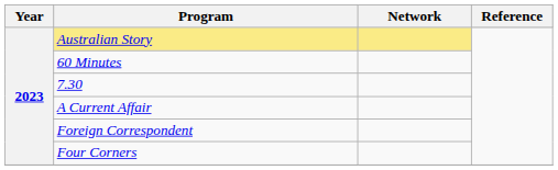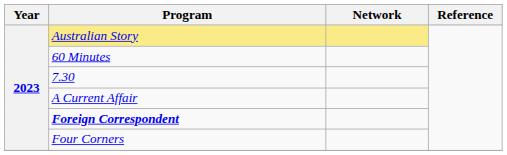 <table class="wikitable sortable">
 <tr style="background:#bebebe;">
 <th scope="col" style="width:1%;">Year</th>
 <th scope="col" style="width:16%;">Program</th>
 <th scope="col" style="width:4%;">Network</th>
 <th scope="col" style="width:1%;">Reference</th>
 </tr>
 <tr>
 <th scope="row" rowspan="6" style="text-align:center"><a href='#'>2023</a></th>
 <td style="background:#FAEB86"><em><a href='#'>Australian Story</a></em></td>
 <td style="background:#FAEB86"></td>
 <td rowspan="6"></td>
 </tr>
 <tr>
 <td><em><a href='#'>60 Minutes</a></em></td>
 <td></td>
 </tr>
 <tr>
 <td><em><a href='#'>7.30</a></em></td>
 <td></td>
 </tr>
 <tr>
 <td><em><a href='#'>A Current Affair</a></em></td>
 <td></td>
 </tr>
 <tr>
-<td><em><a href='#'>Foreign Correspondent</a></em></td>
+<td><strong><em><a href='#'>Foreign Correspondent</a></em></strong></td>
 <td></td>
 </tr>
 <tr>
 <td><em><a href='#'>Four Corners</a></em></td>
 <td></td>
 </tr>
 <tr>
 </tr>
 </table>
